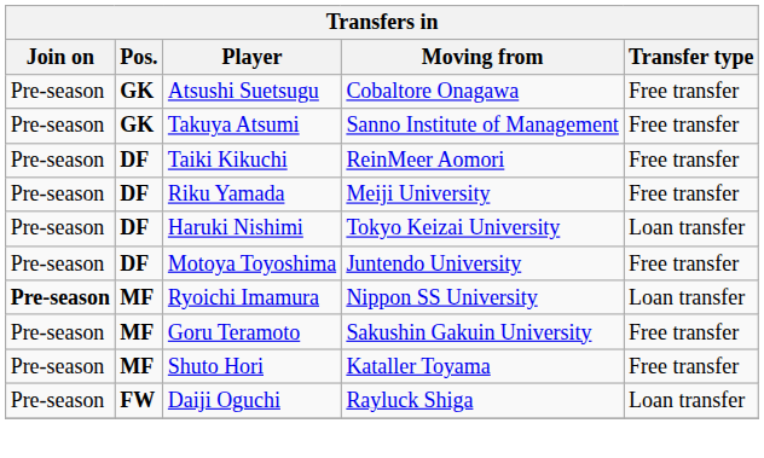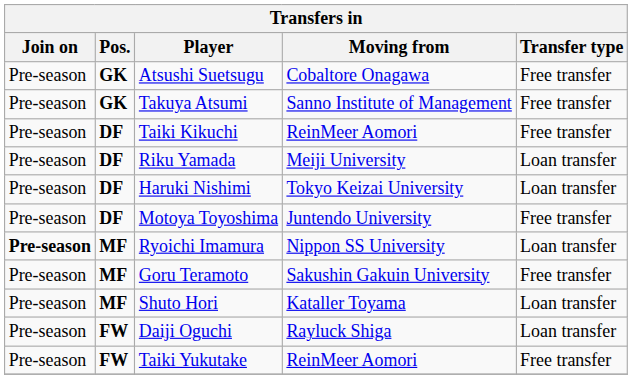 <table class="wikitable sortable" style=“text-align:left;>
 <tr>
 <th colspan="5">Transfers in</th>
 </tr>
 <tr>
 <th>Join on</th>
 <th>Pos.</th>
 <th>Player</th>
 <th>Moving from</th>
 <th>Transfer type</th>
 </tr>
 <tr>
 <td>Pre-season</td>
 <td><strong>GK</strong></td>
 <td> <a href='#'>Atsushi Suetsugu</a></td>
 <td> <a href='#'>Cobaltore Onagawa</a></td>
 <td>Free transfer</td>
 </tr>
 <tr>
 <td>Pre-season</td>
 <td><strong>GK</strong></td>
 <td> <a href='#'>Takuya Atsumi</a></td>
 <td> <a href='#'>Sanno Institute of Management</a></td>
 <td>Free transfer</td>
 </tr>
 <tr>
 <td>Pre-season</td>
 <td><strong>DF</strong></td>
 <td> <a href='#'>Taiki Kikuchi</a></td>
 <td> <a href='#'>ReinMeer Aomori</a></td>
 <td>Free transfer</td>
 </tr>
 <tr>
 <td>Pre-season</td>
 <td><strong>DF</strong></td>
 <td> <a href='#'>Riku Yamada</a></td>
 <td> <a href='#'>Meiji University</a></td>
-<td>Free transfer</td>
+<td>Loan transfer</td>
 </tr>
 <tr>
 <td>Pre-season</td>
 <td><strong>DF</strong></td>
 <td> <a href='#'>Haruki Nishimi</a></td>
 <td> <a href='#'>Tokyo Keizai University</a></td>
 <td>Loan transfer</td>
 </tr>
 <tr>
 <td>Pre-season</td>
 <td><strong>DF</strong></td>
 <td> <a href='#'>Motoya Toyoshima</a></td>
 <td> <a href='#'>Juntendo University</a></td>
 <td>Free transfer</td>
 </tr>
 <tr>
 <td><strong>Pre-season</strong></td>
 <td><strong>MF</strong></td>
 <td> <a href='#'>Ryoichi Imamura</a></td>
 <td> <a href='#'>Nippon SS University</a></td>
 <td>Loan transfer</td>
 </tr>
 <tr>
 <td>Pre-season</td>
 <td><strong>MF</strong></td>
 <td> <a href='#'>Goru Teramoto</a></td>
 <td> <a href='#'>Sakushin Gakuin University</a></td>
 <td>Free transfer</td>
 </tr>
 <tr>
 <td>Pre-season</td>
 <td><strong>MF</strong></td>
 <td> <a href='#'>Shuto Hori</a></td>
 <td> <a href='#'>Kataller Toyama</a></td>
-<td>Free transfer</td>
+<td>Loan transfer</td>
 </tr>
 <tr>
 <td>Pre-season</td>
 <td><strong>FW</strong></td>
 <td> <a href='#'>Daiji Oguchi</a></td>
 <td> <a href='#'>Rayluck Shiga</a></td>
 <td>Loan transfer</td>
 </tr>
 <tr>
+<td>Pre-season</td>
+<td><strong>FW</strong></td>
+<td> <a href='#'>Taiki Yukutake</a></td>
+<td> <a href='#'>ReinMeer Aomori</a></td>
+<td>Free transfer</td>
+</tr>
+<tr>
 </tr>
 </table>
